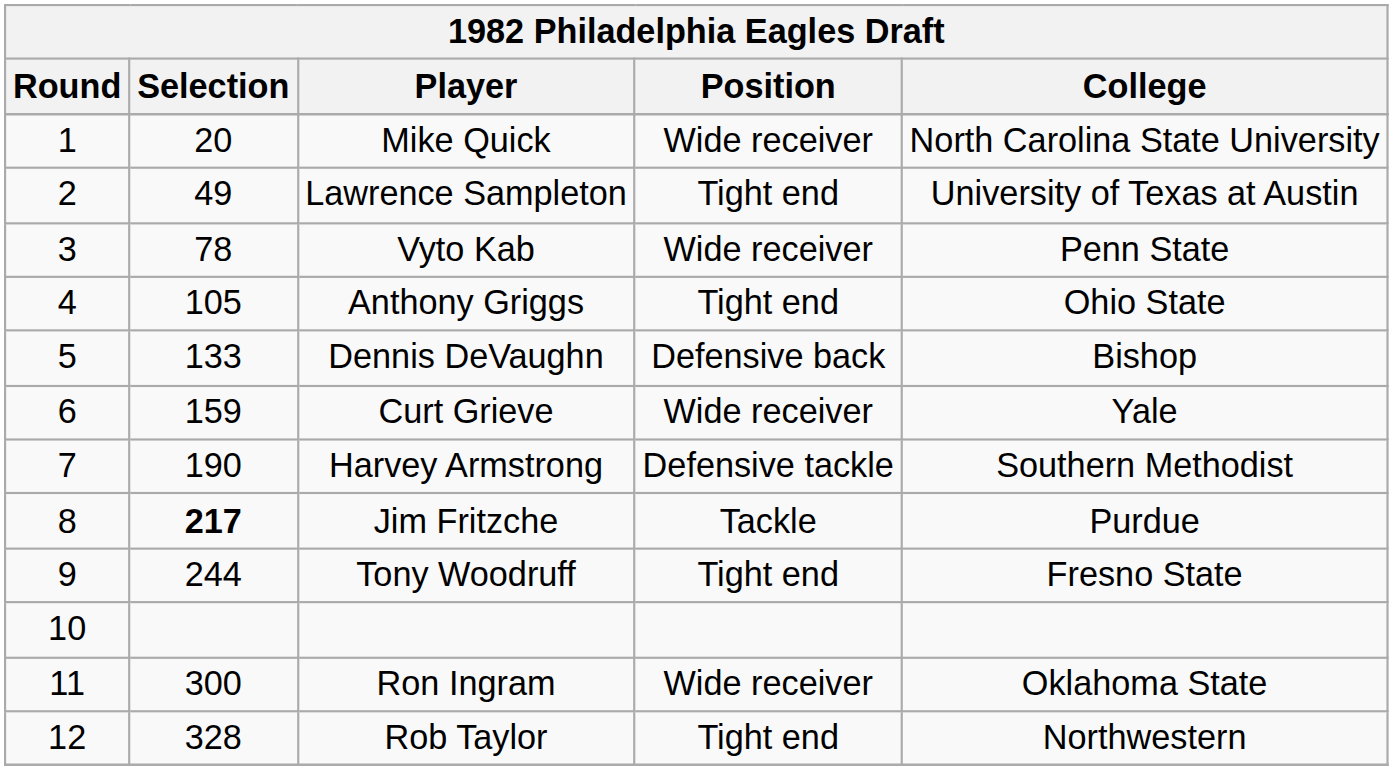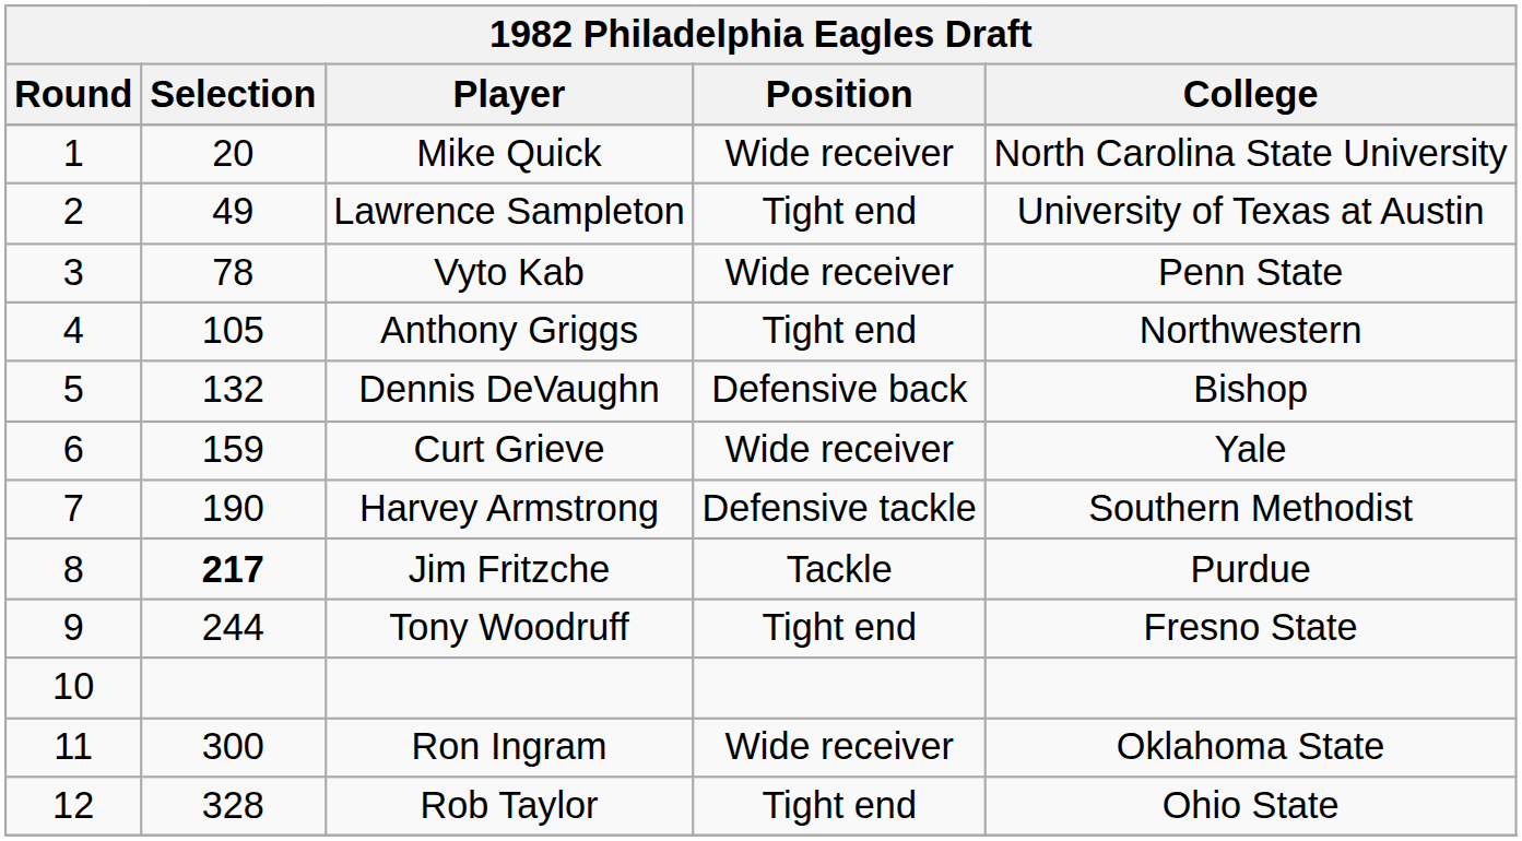 <table class="wikitable" style="text-align:center">
 <tr>
 <th colspan=6>1982 Philadelphia Eagles Draft</th>
 </tr>
 <tr>
 <th>Round</th>
 <th>Selection</th>
 <th>Player</th>
 <th>Position</th>
 <th>College</th>
 </tr>
 <tr>
 </tr>
 <tr align="center" bgcolor="">
 <td>1</td>
 <td>20</td>
 <td>Mike Quick</td>
 <td>Wide receiver</td>
 <td>North Carolina State University</td>
 </tr>
 <tr align="center" bgcolor="">
 <td>2</td>
 <td>49</td>
 <td>Lawrence Sampleton</td>
 <td>Tight end</td>
 <td>University of Texas at Austin</td>
 </tr>
 <tr align="center" bgcolor="">
 <td>3</td>
 <td>78</td>
 <td>Vyto Kab</td>
 <td>Wide receiver</td>
 <td>Penn State</td>
 </tr>
 <tr align="center" bgcolor="">
 <td>4</td>
 <td>105</td>
 <td>Anthony Griggs</td>
 <td>Tight end</td>
-<td>Ohio State</td>
+<td>Northwestern</td>
 </tr>
 <tr align="center" bgcolor="">
 <td>5</td>
-<td>133</td>
+<td>132</td>
 <td>Dennis DeVaughn</td>
 <td>Defensive back</td>
 <td>Bishop</td>
 </tr>
 <tr align="center" bgcolor="">
 <td>6</td>
 <td>159</td>
 <td>Curt Grieve</td>
 <td>Wide receiver</td>
 <td>Yale</td>
 </tr>
 <tr align="center" bgcolor="">
 <td>7</td>
 <td>190</td>
 <td>Harvey Armstrong</td>
 <td>Defensive tackle</td>
 <td>Southern Methodist</td>
 </tr>
 <tr align="center" bgcolor="">
 <td>8</td>
 <td><strong>217</strong></td>
 <td>Jim Fritzche</td>
 <td>Tackle</td>
 <td>Purdue</td>
 </tr>
 <tr align="center" bgcolor="">
 <td>9</td>
 <td>244</td>
 <td>Tony Woodruff</td>
 <td>Tight end</td>
 <td>Fresno State</td>
 </tr>
 <tr align="center" bgcolor="">
 <td>10</td>
 <td></td>
 <td></td>
 <td></td>
 <td></td>
 </tr>
 <tr align="center" bgcolor="">
 <td>11</td>
 <td>300</td>
 <td>Ron Ingram</td>
 <td>Wide receiver</td>
 <td>Oklahoma State</td>
 </tr>
 <tr align="center" bgcolor="">
 <td>12</td>
 <td>328</td>
 <td>Rob Taylor</td>
 <td>Tight end</td>
-<td>Northwestern</td>
+<td>Ohio State</td>
 </tr>
 <tr align="center" bgcolor="">
 </tr>
 </table>
